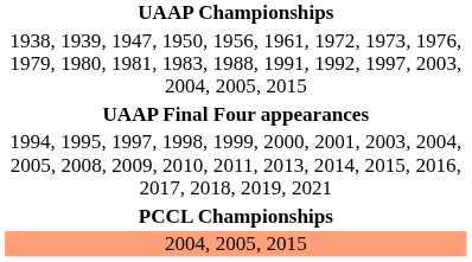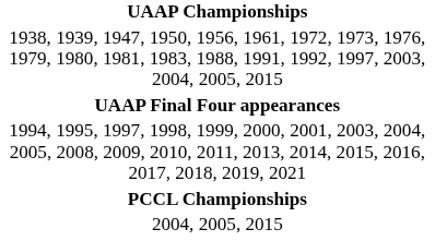 <table class="toccolours" style="float: right; clear: right; margin: 0 0 1em 3em; width: 23em;">
 <tr style="text-align:center;">
 </tr>
 <tr>
 <th colspan="3"><strong>UAAP Championships</strong></th>
 </tr>
 <tr style="text-align:center;">
 <td>1938, 1939, 1947, 1950, 1956, 1961, 1972, 1973, 1976, 1979, 1980, 1981, 1983, 1988, 1991, 1992, 1997, 2003, 2004, 2005, 2015</td>
 </tr>
 <tr style="text-align:center;">
 <th colspan="3"><strong>UAAP Final Four appearances</strong></th>
 </tr>
 <tr style="text-align:center;">
 <td>1994, 1995, 1997, 1998, 1999, 2000, 2001, 2003, 2004, 2005, 2008, 2009, 2010, 2011, 2013, 2014, 2015, 2016, 2017, 2018, 2019, 2021</td>
 </tr>
 <tr>
 <th colspan="3"><strong>PCCL Championships</strong></th>
 </tr>
 <tr style="text-align:center;">
-<td style="background: lightsalmon;">2004, 2005, 2015</td>
+<td>2004, 2005, 2015</td>
 </tr>
 <tr>
 </tr>
 </table>
